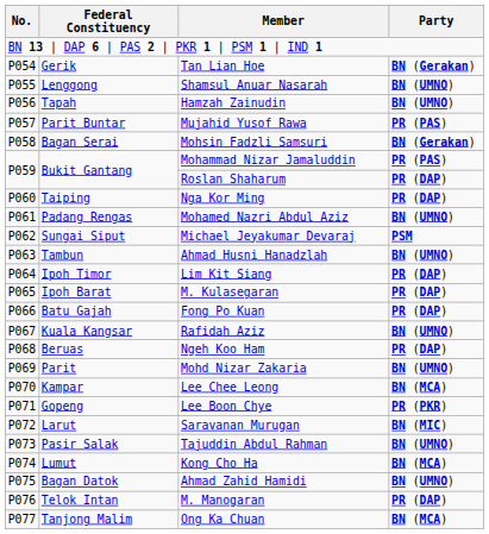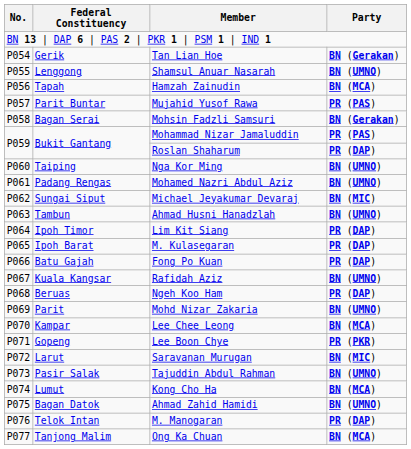 <table class ="wikitable sortable">
 <tr>
 <th style="width:30px;">No.</th>
 <th style="width:150px;">Federal Constituency</th>
 <th style="width:230px;">Member</th>
 <th style="width:100px;">Party</th>
 </tr>
 <tr>
 <td colspan="4"><a href='#'>BN</a> <strong>13</strong> | <a href='#'>DAP</a> <strong>6</strong> | <a href='#'>PAS</a> <strong>2</strong> | <a href='#'>PKR</a> <strong>1</strong> | <a href='#'>PSM</a> <strong>1</strong> | <a href='#'>IND</a> <strong>1</strong></td>
 </tr>
 <tr>
 <td>P054</td>
 <td><a href='#'>Gerik</a></td>
 <td><a href='#'>Tan Lian Hoe</a></td>
 <td><strong><a href='#'>BN</a></strong> (<strong><a href='#'>Gerakan</a></strong>)</td>
 </tr>
 <tr>
 <td>P055</td>
 <td><a href='#'>Lenggong</a></td>
 <td><a href='#'>Shamsul Anuar Nasarah</a></td>
 <td><strong><a href='#'>BN</a></strong> (<strong><a href='#'>UMNO</a></strong>)</td>
 </tr>
 <tr>
 <td>P056</td>
 <td><a href='#'>Tapah</a></td>
 <td><a href='#'>Hamzah Zainudin</a></td>
-<td><strong><a href='#'>BN</a></strong> (<strong><a href='#'>UMNO</a></strong>)</td>
+<td><strong><a href='#'>BN</a></strong> (<strong><a href='#'>MCA</a></strong>)</td>
 </tr>
 <tr>
 <td>P057</td>
 <td><a href='#'>Parit Buntar</a></td>
 <td><a href='#'>Mujahid Yusof Rawa</a></td>
 <td><strong><a href='#'>PR</a></strong> (<strong><a href='#'>PAS</a></strong>)</td>
 </tr>
 <tr>
 <td>P058</td>
 <td><a href='#'>Bagan Serai</a></td>
 <td><a href='#'>Mohsin Fadzli Samsuri</a></td>
 <td><strong><a href='#'>BN</a></strong> (<strong><a href='#'>Gerakan</a></strong>)</td>
 </tr>
 <tr>
 <td rowspan="2">P059</td>
 <td rowspan="2"><a href='#'>Bukit Gantang</a></td>
 <td><a href='#'>Mohammad Nizar Jamaluddin</a>  </td>
 <td><strong><a href='#'>PR</a></strong> (<strong><a href='#'>PAS</a></strong>)</td>
 </tr>
 <tr>
 <td><a href='#'>Roslan Shaharum</a> </td>
 <td><strong><a href='#'>PR</a></strong> (<strong><a href='#'>DAP</a></strong>)</td>
 </tr>
 <tr>
 <td>P060</td>
 <td><a href='#'>Taiping</a></td>
 <td><a href='#'>Nga Kor Ming</a></td>
-<td><strong><a href='#'>PR</a></strong> (<strong><a href='#'>DAP</a></strong>)</td>
+<td><strong><a href='#'>BN</a></strong> (<strong><a href='#'>UMNO</a></strong>)</td>
 </tr>
 <tr>
 <td>P061</td>
 <td><a href='#'>Padang Rengas</a></td>
 <td><a href='#'>Mohamed Nazri Abdul Aziz</a></td>
 <td><strong><a href='#'>BN</a></strong> (<strong><a href='#'>UMNO</a></strong>)</td>
 </tr>
 <tr>
 <td>P062</td>
 <td><a href='#'>Sungai Siput</a></td>
 <td><a href='#'>Michael Jeyakumar Devaraj</a></td>
-<td><strong><a href='#'>PSM</a></strong></td>
+<td><strong><a href='#'>BN</a></strong> (<strong><a href='#'>MIC</a></strong>)</td>
 </tr>
 <tr>
 <td>P063</td>
 <td><a href='#'>Tambun</a></td>
 <td><a href='#'>Ahmad Husni Hanadzlah</a></td>
 <td><strong><a href='#'>BN</a></strong> (<strong><a href='#'>UMNO</a></strong>)</td>
 </tr>
 <tr>
 <td>P064</td>
 <td><a href='#'>Ipoh Timor</a></td>
 <td><a href='#'>Lim Kit Siang</a></td>
 <td><strong><a href='#'>PR</a></strong> (<strong><a href='#'>DAP</a></strong>)</td>
 </tr>
 <tr>
 <td>P065</td>
 <td><a href='#'>Ipoh Barat</a></td>
 <td><a href='#'>M. Kulasegaran</a></td>
 <td><strong><a href='#'>PR</a></strong> (<strong><a href='#'>DAP</a></strong>)</td>
 </tr>
 <tr>
 <td>P066</td>
 <td><a href='#'>Batu Gajah</a></td>
 <td><a href='#'>Fong Po Kuan</a></td>
 <td><strong><a href='#'>PR</a></strong> (<strong><a href='#'>DAP</a></strong>)</td>
 </tr>
 <tr>
 <td>P067</td>
 <td><a href='#'>Kuala Kangsar</a></td>
 <td><a href='#'>Rafidah Aziz</a></td>
 <td><strong><a href='#'>BN</a></strong> (<strong><a href='#'>UMNO</a></strong>)</td>
 </tr>
 <tr>
 <td>P068</td>
 <td><a href='#'>Beruas</a></td>
 <td><a href='#'>Ngeh Koo Ham</a></td>
 <td><strong><a href='#'>PR</a></strong> (<strong><a href='#'>DAP</a></strong>)</td>
 </tr>
 <tr>
 <td>P069</td>
 <td><a href='#'>Parit</a></td>
 <td><a href='#'>Mohd Nizar Zakaria</a></td>
 <td><strong><a href='#'>BN</a></strong> (<strong><a href='#'>UMNO</a></strong>)</td>
 </tr>
 <tr>
 <td>P070</td>
 <td><a href='#'>Kampar</a></td>
 <td><a href='#'>Lee Chee Leong</a></td>
 <td><strong><a href='#'>BN</a></strong> (<strong><a href='#'>MCA</a></strong>)</td>
 </tr>
 <tr>
 <td>P071</td>
 <td><a href='#'>Gopeng</a></td>
 <td><a href='#'>Lee Boon Chye</a></td>
 <td><strong><a href='#'>PR</a></strong> (<strong><a href='#'>PKR</a></strong>)</td>
 </tr>
 <tr>
 <td>P072</td>
 <td><a href='#'>Larut</a></td>
 <td><a href='#'>Saravanan Murugan</a></td>
 <td><strong><a href='#'>BN</a></strong> (<strong><a href='#'>MIC</a></strong>)</td>
 </tr>
 <tr>
 <td>P073</td>
 <td><a href='#'>Pasir Salak</a></td>
 <td><a href='#'>Tajuddin Abdul Rahman</a></td>
 <td><strong><a href='#'>BN</a></strong> (<strong><a href='#'>UMNO</a></strong>)</td>
 </tr>
 <tr>
 <td>P074</td>
 <td><a href='#'>Lumut</a></td>
 <td><a href='#'>Kong Cho Ha</a></td>
 <td><strong><a href='#'>BN</a></strong> (<strong><a href='#'>MCA</a></strong>)</td>
 </tr>
 <tr>
 <td>P075</td>
 <td><a href='#'>Bagan Datok</a></td>
 <td><a href='#'>Ahmad Zahid Hamidi</a></td>
 <td><strong><a href='#'>BN</a></strong> (<strong><a href='#'>UMNO</a></strong>)</td>
 </tr>
 <tr>
 <td>P076</td>
 <td><a href='#'>Telok Intan</a></td>
 <td><a href='#'>M. Manogaran</a></td>
 <td><strong><a href='#'>PR</a></strong> (<strong><a href='#'>DAP</a></strong>)</td>
 </tr>
 <tr>
 <td>P077</td>
 <td><a href='#'>Tanjong Malim</a></td>
 <td><a href='#'>Ong Ka Chuan</a></td>
 <td><strong><a href='#'>BN</a></strong> (<strong><a href='#'>MCA</a></strong>)</td>
 </tr>
 </table>
